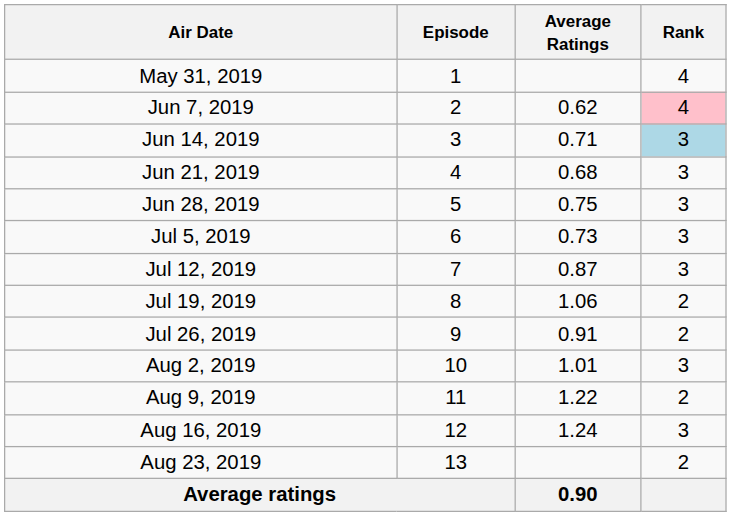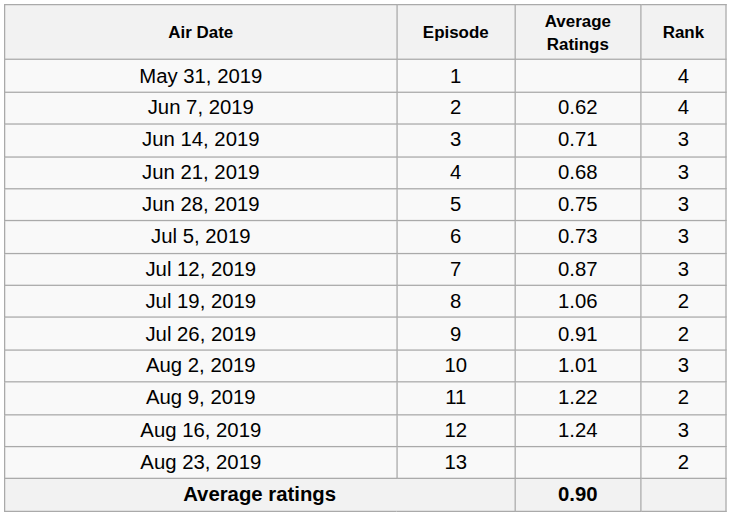 <table class="wikitable" style="text-align:center;width:45%;">
 <tr>
 <th width="25%"><small><strong>Air Date</strong></small></th>
 <th width="5%"><small><strong>Episode</strong></small></th>
 <th width="6%"><small><strong>Average Ratings</strong></small></th>
 <th width="4%"><small><strong>Rank</strong></small></th>
 </tr>
 <tr>
 <td>May 31, 2019</td>
 <td>1</td>
 <td></td>
 <td>4</td>
 </tr>
 <tr>
 <td>Jun 7, 2019</td>
 <td>2</td>
 <td>0.62</td>
-<td style="background: pink;">4</td>
+<td>4</td>
 </tr>
 <tr>
 <td>Jun 14, 2019</td>
 <td>3</td>
 <td>0.71</td>
-<td style="background: lightblue;">3</td>
+<td>3</td>
 </tr>
 <tr>
 <td>Jun 21, 2019</td>
 <td>4</td>
 <td>0.68</td>
 <td>3</td>
 </tr>
 <tr>
 <td>Jun 28, 2019</td>
 <td>5</td>
 <td>0.75</td>
 <td>3</td>
 </tr>
 <tr>
 <td>Jul 5, 2019</td>
 <td>6</td>
 <td>0.73</td>
 <td>3</td>
 </tr>
 <tr>
 <td>Jul 12, 2019</td>
 <td>7</td>
 <td>0.87</td>
 <td>3</td>
 </tr>
 <tr>
 <td>Jul 19, 2019</td>
 <td>8</td>
 <td>1.06</td>
 <td>2</td>
 </tr>
 <tr>
 <td>Jul 26, 2019</td>
 <td>9</td>
 <td>0.91</td>
 <td>2</td>
 </tr>
 <tr>
 <td>Aug 2, 2019</td>
 <td>10</td>
 <td>1.01</td>
 <td>3</td>
 </tr>
 <tr>
 <td>Aug 9, 2019</td>
 <td>11</td>
 <td>1.22</td>
 <td>2</td>
 </tr>
 <tr>
 <td>Aug 16, 2019</td>
 <td>12</td>
 <td>1.24</td>
 <td>3</td>
 </tr>
 <tr>
 <td>Aug 23, 2019</td>
 <td>13</td>
 <td></td>
 <td>2</td>
 </tr>
 <tr>
 <th colspan="2"><strong>Average ratings</strong></th>
 <th>0.90</th>
 <th></th>
 </tr>
 </table>
